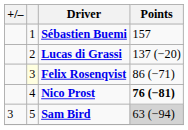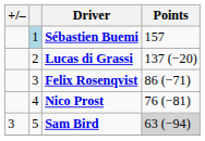 <table class="wikitable" style="font-size: 85%">
 <tr>
 <th scope="col">+/–</th>
 <th scope="col"></th>
 <th scope="col">Driver</th>
 <th scope="col">Points</th>
 </tr>
 <tr>
 <td align="left"></td>
-<td align="center">1</td>
+<td align="center" style="background: lightblue;">1</td>
 <td> <strong><a href='#'>Sébastien Buemi</a></strong></td>
 <td align="left">157</td>
 </tr>
 <tr>
 <td align="left"></td>
 <td align="center">2</td>
 <td> <strong><a href='#'>Lucas di Grassi</a></strong></td>
 <td align="left">137 (−20)</td>
 </tr>
 <tr>
 <td align="left"></td>
-<td align="center" style="background: lightyellow;">3</td>
+<td align="center">3</td>
 <td> <strong><a href='#'>Felix Rosenqvist</a></strong></td>
 <td align="left">86 (−71)</td>
 </tr>
 <tr>
 <td align="left"></td>
 <td align="center">4</td>
 <td> <strong><a href='#'>Nico Prost</a></strong></td>
-<td align="left"><strong>76 (−81)</strong></td>
+<td align="left">76 (−81)</td>
 </tr>
 <tr>
 <td align="left"> 3</td>
 <td align="center">5</td>
 <td> <strong><a href='#'>Sam Bird</a></strong></td>
 <td align="left" style="background: lightgrey;">63 (−94)</td>
 </tr>
 <tr>
 </tr>
 </table>
